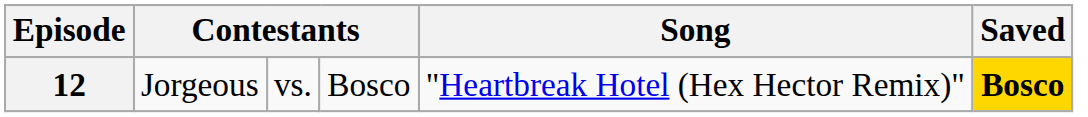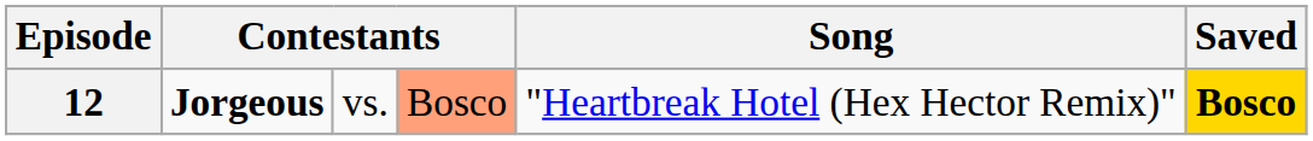 <table class="wikitable" border="2" style="text-align:center">
 <tr>
 <th scope="col">Episode</th>
 <th scope="col" colspan="3">Contestants</th>
 <th scope="col">Song</th>
 <th scope="col">Saved</th>
 </tr>
 <tr>
 <th scope="row">12</th>
-<td>Jorgeous</td>
+<td><strong>Jorgeous</strong></td>
 <td>vs.</td>
-<td>Bosco</td>
+<td style="background: lightsalmon;">Bosco</td>
 <td>"<a href='#'>Heartbreak Hotel</a> (Hex Hector Remix)"<br></td>
 <td bgcolor="gold"><strong>Bosco</strong></td>
 </tr>
 </table>
